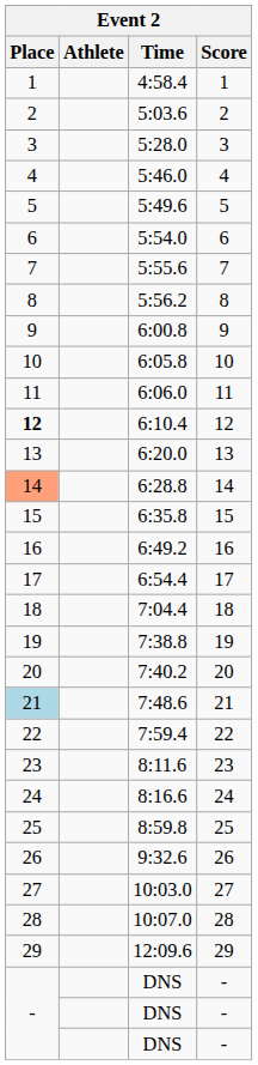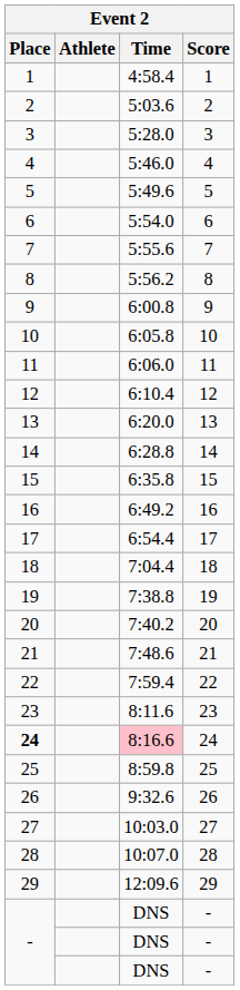 <table class=wikitable style="text-align:center">
 <tr>
 <th colspan=4><strong>Event 2</strong></th>
 </tr>
 <tr>
 <th>Place</th>
 <th>Athlete</th>
 <th>Time</th>
 <th>Score</th>
 </tr>
 <tr>
 <td>1</td>
 <td align=left></td>
 <td>4:58.4</td>
 <td>1</td>
 </tr>
 <tr>
 <td>2</td>
 <td align=left></td>
 <td>5:03.6</td>
 <td>2</td>
 </tr>
 <tr>
 <td>3</td>
 <td align=left></td>
 <td>5:28.0</td>
 <td>3</td>
 </tr>
 <tr>
 <td>4</td>
 <td align=left></td>
 <td>5:46.0</td>
 <td>4</td>
 </tr>
 <tr>
 <td>5</td>
 <td align=left></td>
 <td>5:49.6</td>
 <td>5</td>
 </tr>
 <tr>
 <td>6</td>
 <td align=left></td>
 <td>5:54.0</td>
 <td>6</td>
 </tr>
 <tr>
 <td>7</td>
 <td align=left></td>
 <td>5:55.6</td>
 <td>7</td>
 </tr>
 <tr>
 <td>8</td>
 <td align=left></td>
 <td>5:56.2</td>
 <td>8</td>
 </tr>
 <tr>
 <td>9</td>
 <td align=left></td>
 <td>6:00.8</td>
 <td>9</td>
 </tr>
 <tr>
 <td>10</td>
 <td align=left></td>
 <td>6:05.8</td>
 <td>10</td>
 </tr>
 <tr>
 <td>11</td>
 <td align=left></td>
 <td>6:06.0</td>
 <td>11</td>
 </tr>
 <tr>
-<td><strong>12</strong></td>
+<td>12</td>
 <td align=left></td>
 <td>6:10.4</td>
 <td>12</td>
 </tr>
 <tr>
 <td>13</td>
 <td align=left></td>
 <td>6:20.0</td>
 <td>13</td>
 </tr>
 <tr>
-<td style="background: lightsalmon;">14</td>
+<td>14</td>
 <td align=left></td>
 <td>6:28.8</td>
 <td>14</td>
 </tr>
 <tr>
 <td>15</td>
 <td align=left></td>
 <td>6:35.8</td>
 <td>15</td>
 </tr>
 <tr>
 <td>16</td>
 <td align=left></td>
 <td>6:49.2</td>
 <td>16</td>
 </tr>
 <tr>
 <td>17</td>
 <td align=left></td>
 <td>6:54.4</td>
 <td>17</td>
 </tr>
 <tr>
 <td>18</td>
 <td align=left></td>
 <td>7:04.4</td>
 <td>18</td>
 </tr>
 <tr>
 <td>19</td>
 <td align=left></td>
 <td>7:38.8</td>
 <td>19</td>
 </tr>
 <tr>
 <td>20</td>
 <td align=left></td>
 <td>7:40.2</td>
 <td>20</td>
 </tr>
 <tr>
-<td style="background: lightblue;">21</td>
+<td>21</td>
 <td align=left></td>
 <td>7:48.6</td>
 <td>21</td>
 </tr>
 <tr>
 <td>22</td>
 <td align=left></td>
 <td>7:59.4</td>
 <td>22</td>
 </tr>
 <tr>
 <td>23</td>
 <td align=left></td>
 <td>8:11.6</td>
 <td>23</td>
 </tr>
 <tr>
-<td>24</td>
+<td><strong>24</strong></td>
 <td align=left></td>
-<td>8:16.6</td>
+<td style="background: pink;">8:16.6</td>
 <td>24</td>
 </tr>
 <tr>
 <td>25</td>
 <td align=left></td>
 <td>8:59.8</td>
 <td>25</td>
 </tr>
 <tr>
 <td>26</td>
 <td align=left></td>
 <td>9:32.6</td>
 <td>26</td>
 </tr>
 <tr>
 <td>27</td>
 <td align=left></td>
 <td>10:03.0</td>
 <td>27</td>
 </tr>
 <tr>
 <td>28</td>
 <td align=left></td>
 <td>10:07.0</td>
 <td>28</td>
 </tr>
 <tr>
 <td>29</td>
 <td align=left></td>
 <td>12:09.6</td>
 <td>29</td>
 </tr>
 <tr>
 <td rowspan=3>-</td>
 <td align=left></td>
 <td>DNS</td>
 <td>-</td>
 </tr>
 <tr>
 <td align=left></td>
 <td>DNS</td>
 <td>-</td>
 </tr>
 <tr>
 <td align=left></td>
 <td>DNS</td>
 <td>-</td>
 </tr>
 </table>
